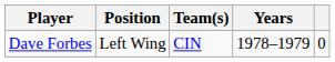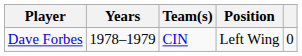 <table class="wikitable">
 <tr>
 <th>Player</th>
+<th>Years</th>
+<th>Team(s)</th>
 <th>Position</th>
-<th>Team(s)</th>
-<th>Years</th>
 <th><a href='#'></a></th>
 </tr>
 <tr>
 <td><a href='#'>Dave Forbes</a></td>
+<td>1978–1979</td>
+<td><a href='#'>CIN</a></td>
 <td>Left Wing</td>
-<td><a href='#'>CIN</a></td>
-<td>1978–1979</td>
 <td>0</td>
 </tr>
 </table>
